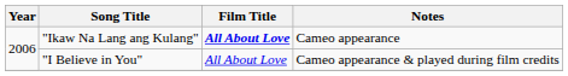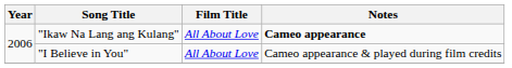 <table class="wikitable">
 <tr>
 <th>Year</th>
 <th>Song Title</th>
 <th>Film Title</th>
 <th>Notes</th>
 </tr>
 <tr>
 <td rowspan=2>2006</td>
 <td>"Ikaw Na Lang ang Kulang"</td>
-<td><strong><em><a href='#'>All About Love</a></em></strong></td>
-<td>Cameo appearance</td>
+<td><em><a href='#'>All About Love</a></em></td>
+<td><strong>Cameo appearance</strong></td>
 </tr>
 <tr>
 <td>"I Believe in You"</td>
 <td><em><a href='#'>All About Love</a></em></td>
 <td>Cameo appearance & played during film credits</td>
 </tr>
 <tr>
 </tr>
 </table>
